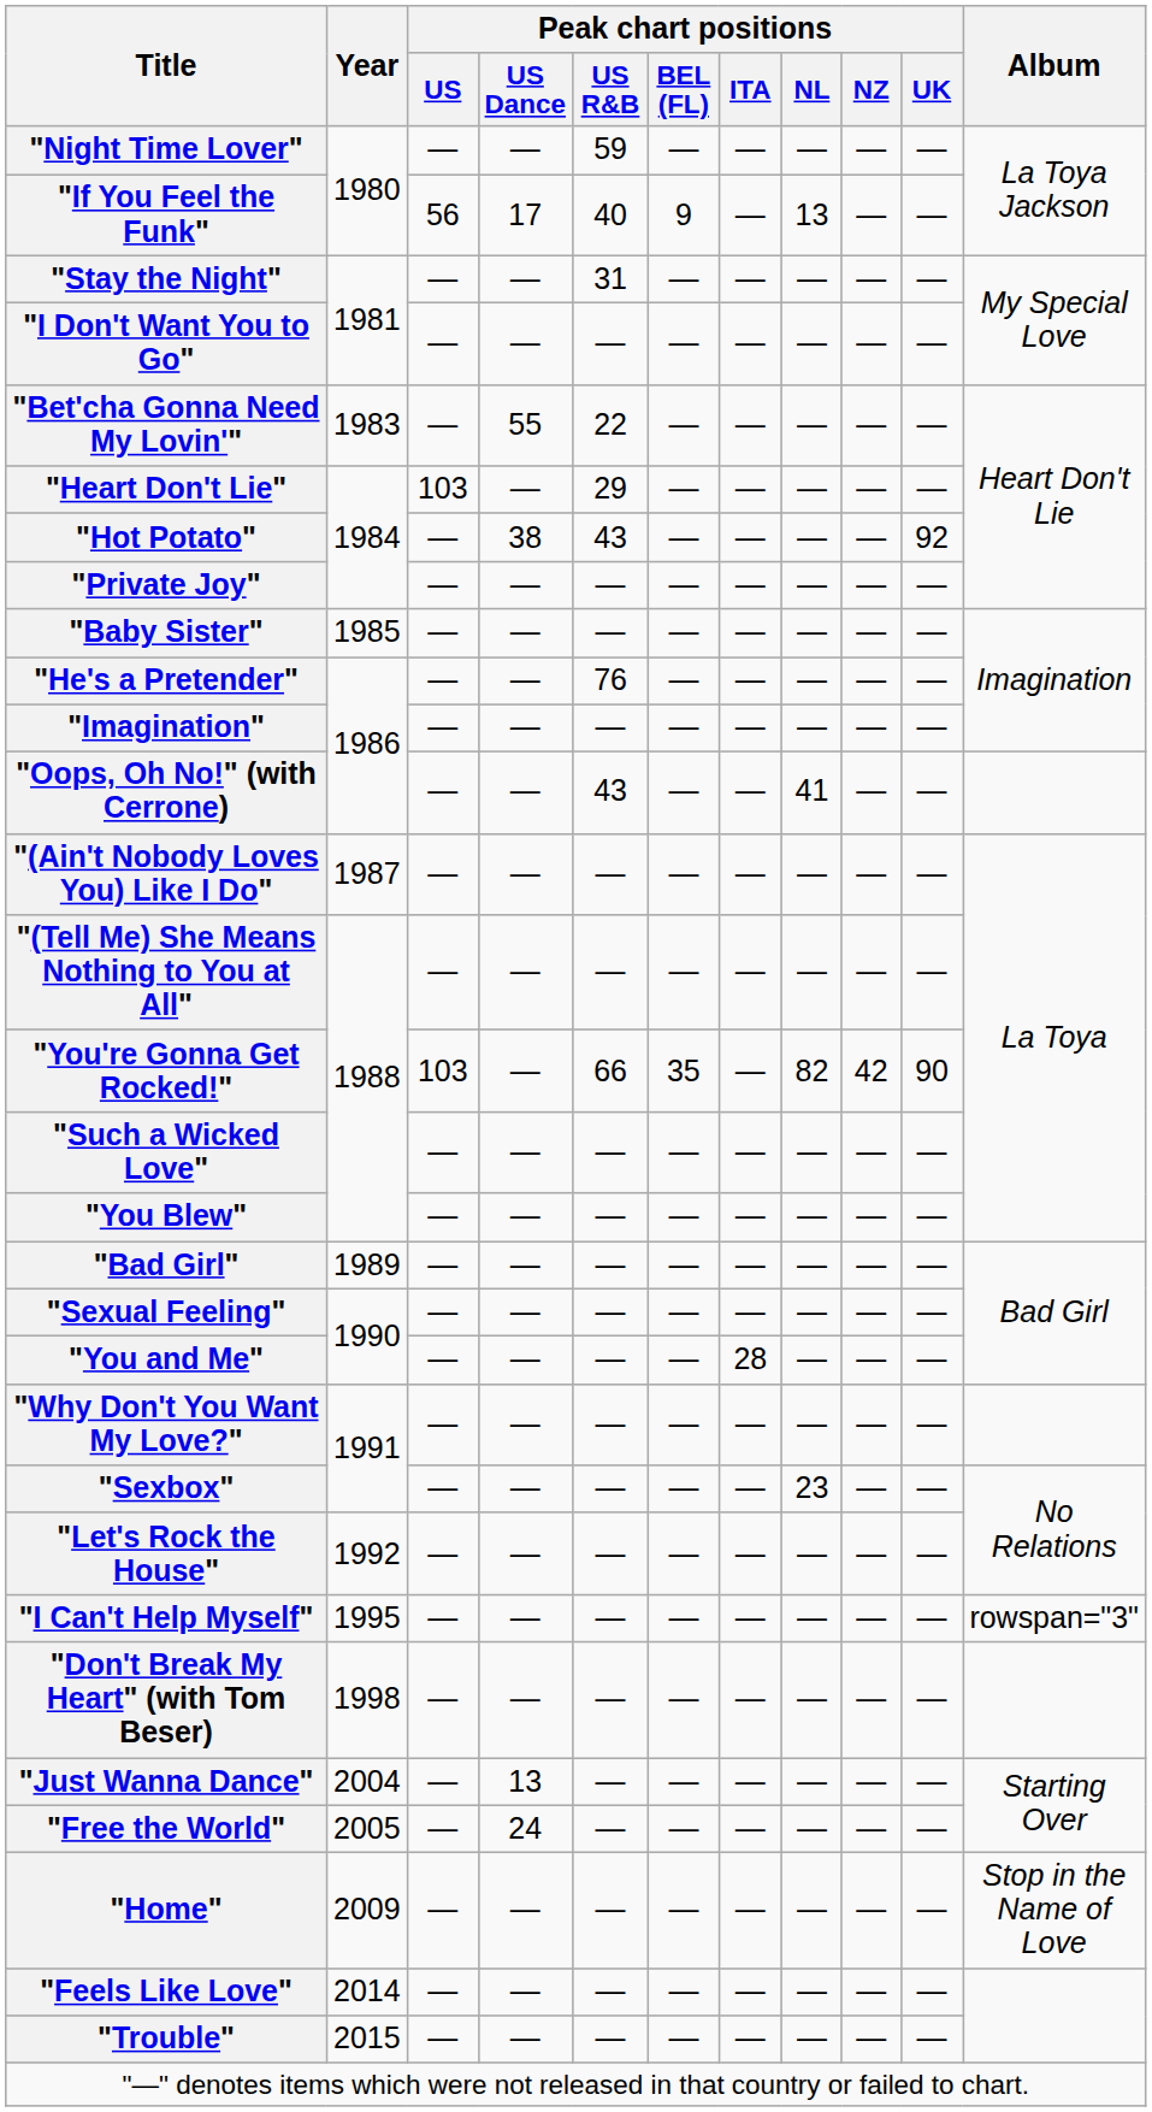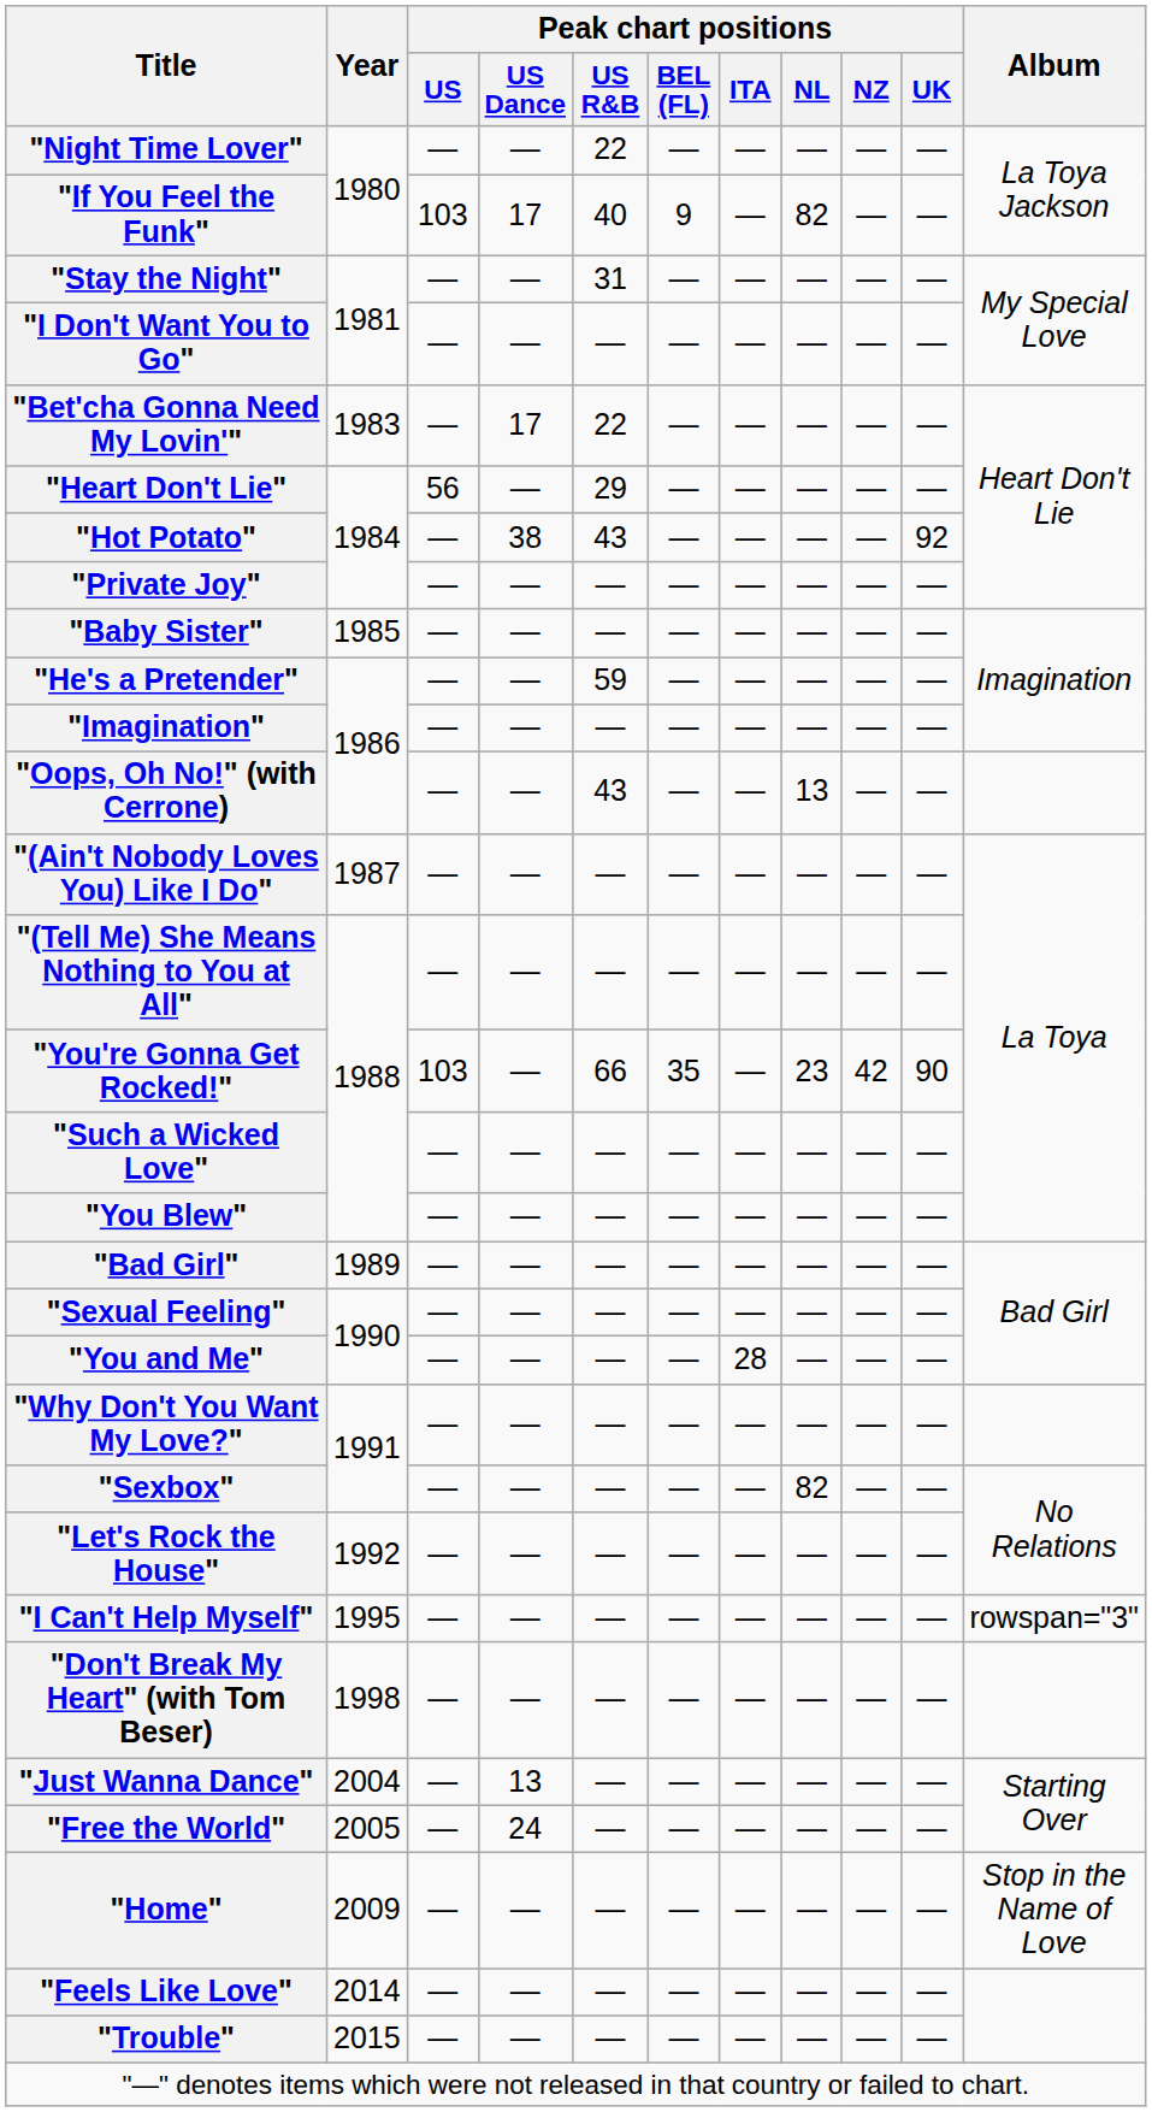 <table class="wikitable plainrowheaders" style="text-align:center;">
 <tr>
 <th scope="col" rowspan="2" style="width:22em;">Title</th>
 <th scope="col" rowspan="2">Year</th>
 <th scope="col" colspan="8">Peak chart positions</th>
 <th scope="col" rowspan="2">Album</th>
 </tr>
 <tr>
 <th scope="col" style="width:3em;font-size:90%;"><a href='#'>US</a><br></th>
 <th scope="col" style="width:3em;font-size:90%;"><a href='#'>US Dance</a><br></th>
 <th scope="col" style="width:3em;font-size:90%;"><a href='#'>US R&B</a><br></th>
 <th scope="col" style="width:2.5em;font-size:90%;"><a href='#'>BEL<br>(FL)</a><br></th>
 <th scope="col" style="width:3em;font-size:90%;"><a href='#'>ITA</a><br></th>
 <th scope="col" style="width:3em;font-size:90%;"><a href='#'>NL</a><br></th>
 <th scope="col" style="width:3em;font-size:90%;"><a href='#'>NZ</a><br></th>
 <th scope="col" style="width:3em;font-size:90%;"><a href='#'>UK</a><br></th>
 </tr>
 <tr>
 <th scope="row">"<a href='#'>Night Time Lover</a>"</th>
 <td rowspan="2">1980</td>
 <td>—</td>
 <td>—</td>
-<td>59</td>
+<td>22</td>
 <td>—</td>
 <td>—</td>
 <td>—</td>
 <td>—</td>
 <td>—</td>
 <td rowspan="2"><em>La Toya Jackson</em></td>
 </tr>
 <tr>
 <th scope="row">"<a href='#'>If You Feel the Funk</a>"</th>
-<td>56</td>
+<td>103</td>
 <td>17</td>
 <td>40</td>
 <td>9</td>
 <td>—</td>
-<td>13</td>
+<td>82</td>
 <td>—</td>
 <td>—</td>
 </tr>
 <tr>
 <th scope="row">"<a href='#'>Stay the Night</a>"</th>
 <td rowspan="2">1981</td>
 <td>—</td>
 <td>—</td>
 <td>31</td>
 <td>—</td>
 <td>—</td>
 <td>—</td>
 <td>—</td>
 <td>—</td>
 <td rowspan="2"><em>My Special Love</em></td>
 </tr>
 <tr>
 <th scope="row">"<a href='#'>I Don't Want You to Go</a>"</th>
 <td>—</td>
 <td>—</td>
 <td>—</td>
 <td>—</td>
 <td>—</td>
 <td>—</td>
 <td>—</td>
 <td>—</td>
 </tr>
 <tr>
 <th scope="row">"<a href='#'>Bet'cha Gonna Need My Lovin'</a>"</th>
 <td>1983</td>
 <td>—</td>
-<td>55</td>
+<td>17</td>
 <td>22</td>
 <td>—</td>
 <td>—</td>
 <td>—</td>
 <td>—</td>
 <td>—</td>
 <td rowspan="4"><em>Heart Don't Lie</em></td>
 </tr>
 <tr>
 <th scope="row">"<a href='#'>Heart Don't Lie</a>"</th>
 <td rowspan="3">1984</td>
-<td>103</td>
+<td>56</td>
 <td>—</td>
 <td>29</td>
 <td>—</td>
 <td>—</td>
 <td>—</td>
 <td>—</td>
 <td>—</td>
 </tr>
 <tr>
 <th scope="row">"<a href='#'>Hot Potato</a>"</th>
 <td>—</td>
 <td>38</td>
 <td>43</td>
 <td>—</td>
 <td>—</td>
 <td>—</td>
 <td>—</td>
 <td>92</td>
 </tr>
 <tr>
 <th scope="row">"<a href='#'>Private Joy</a>"</th>
 <td>—</td>
 <td>—</td>
 <td>—</td>
 <td>—</td>
 <td>—</td>
 <td>—</td>
 <td>—</td>
 <td>—</td>
 </tr>
 <tr>
 <th scope="row">"<a href='#'>Baby Sister</a>"</th>
 <td>1985</td>
 <td>—</td>
 <td>—</td>
 <td>—</td>
 <td>—</td>
 <td>—</td>
 <td>—</td>
 <td>—</td>
 <td>—</td>
 <td rowspan="3"><em>Imagination</em></td>
 </tr>
 <tr>
 <th scope="row">"<a href='#'>He's a Pretender</a>"</th>
 <td rowspan="3">1986</td>
 <td>—</td>
 <td>—</td>
-<td>76</td>
+<td>59</td>
 <td>—</td>
 <td>—</td>
 <td>—</td>
 <td>—</td>
 <td>—</td>
 </tr>
 <tr>
 <th scope="row">"<a href='#'>Imagination</a>"</th>
 <td>—</td>
 <td>—</td>
 <td>—</td>
 <td>—</td>
 <td>—</td>
 <td>—</td>
 <td>—</td>
 <td>—</td>
 </tr>
 <tr>
 <th scope="row">"<a href='#'>Oops, Oh No!</a>" <span>(with <a href='#'>Cerrone</a>)</span></th>
 <td>—</td>
 <td>—</td>
 <td>43</td>
 <td>—</td>
 <td>—</td>
-<td>41</td>
+<td>13</td>
 <td>—</td>
 <td>—</td>
 <td></td>
 </tr>
 <tr>
 <th scope="row">"<a href='#'>(Ain't Nobody Loves You) Like I Do</a>"</th>
 <td>1987</td>
 <td>—</td>
 <td>—</td>
 <td>—</td>
 <td>—</td>
 <td>—</td>
 <td>—</td>
 <td>—</td>
 <td>—</td>
 <td rowspan="5"><em>La Toya</em></td>
 </tr>
 <tr>
 <th scope="row">"<a href='#'>(Tell Me) She Means Nothing to You at All</a>"</th>
 <td rowspan="4">1988</td>
 <td>—</td>
 <td>—</td>
 <td>—</td>
 <td>—</td>
 <td>—</td>
 <td>—</td>
 <td>—</td>
 <td>—</td>
 </tr>
 <tr>
 <th scope="row">"<a href='#'>You're Gonna Get Rocked!</a>"</th>
 <td>103</td>
 <td>—</td>
 <td>66</td>
 <td>35</td>
 <td>—</td>
-<td>82</td>
+<td>23</td>
 <td>42</td>
 <td>90</td>
 </tr>
 <tr>
 <th scope="row">"<a href='#'>Such a Wicked Love</a>"</th>
 <td>—</td>
 <td>—</td>
 <td>—</td>
 <td>—</td>
 <td>—</td>
 <td>—</td>
 <td>—</td>
 <td>—</td>
 </tr>
 <tr>
 <th scope="row">"<a href='#'>You Blew</a>"</th>
 <td>—</td>
 <td>—</td>
 <td>—</td>
 <td>—</td>
 <td>—</td>
 <td>—</td>
 <td>—</td>
 <td>—</td>
 </tr>
 <tr>
 <th scope="row">"<a href='#'>Bad Girl</a>"</th>
 <td>1989</td>
 <td>—</td>
 <td>—</td>
 <td>—</td>
 <td>—</td>
 <td>—</td>
 <td>—</td>
 <td>—</td>
 <td>—</td>
 <td rowspan="3"><em>Bad Girl</em></td>
 </tr>
 <tr>
 <th scope="row">"<a href='#'>Sexual Feeling</a>"</th>
 <td rowspan="2">1990</td>
 <td>—</td>
 <td>—</td>
 <td>—</td>
 <td>—</td>
 <td>—</td>
 <td>—</td>
 <td>—</td>
 <td>—</td>
 </tr>
 <tr>
 <th scope="row">"<a href='#'>You and Me</a>"</th>
 <td>—</td>
 <td>—</td>
 <td>—</td>
 <td>—</td>
 <td>28</td>
 <td>—</td>
 <td>—</td>
 <td>—</td>
 </tr>
 <tr>
 <th scope="row">"<a href='#'>Why Don't You Want My Love?</a>"</th>
 <td rowspan="2">1991</td>
 <td>—</td>
 <td>—</td>
 <td>—</td>
 <td>—</td>
 <td>—</td>
 <td>—</td>
 <td>—</td>
 <td>—</td>
 <td></td>
 </tr>
 <tr>
 <th scope="row">"<a href='#'>Sexbox</a>"</th>
 <td>—</td>
 <td>—</td>
 <td>—</td>
 <td>—</td>
 <td>—</td>
-<td>23</td>
+<td>82</td>
 <td>—</td>
 <td>—</td>
 <td rowspan="2"><em>No Relations</em></td>
 </tr>
 <tr>
 <th scope="row">"<a href='#'>Let's Rock the House</a>"</th>
 <td>1992</td>
 <td>—</td>
 <td>—</td>
 <td>—</td>
 <td>—</td>
 <td>—</td>
 <td>—</td>
 <td>—</td>
 <td>—</td>
 </tr>
 <tr>
 <th scope="row">"<a href='#'>I Can't Help Myself</a>"</th>
 <td>1995</td>
 <td>—</td>
 <td>—</td>
 <td>—</td>
 <td>—</td>
 <td>—</td>
 <td>—</td>
 <td>—</td>
 <td>—</td>
 <td>rowspan="3" </td>
 </tr>
 <tr>
 <th scope="row">"<a href='#'>Don't Break My Heart</a>" <span>(with Tom Beser)</span></th>
 <td>1998</td>
 <td>—</td>
 <td>—</td>
 <td>—</td>
 <td>—</td>
 <td>—</td>
 <td>—</td>
 <td>—</td>
 <td>—</td>
 <td></td>
 </tr>
 <tr>
 <th scope="row">"<a href='#'>Just Wanna Dance</a>"</th>
 <td>2004</td>
 <td>—</td>
 <td>13</td>
 <td>—</td>
 <td>—</td>
 <td>—</td>
 <td>—</td>
 <td>—</td>
 <td>—</td>
 <td rowspan="2"><em>Starting Over</em></td>
 </tr>
 <tr>
 <th scope="row">"<a href='#'>Free the World</a>"</th>
 <td>2005</td>
 <td>—</td>
 <td>24</td>
 <td>—</td>
 <td>—</td>
 <td>—</td>
 <td>—</td>
 <td>—</td>
 <td>—</td>
 </tr>
 <tr>
 <th scope="row">"<a href='#'>Home</a>"</th>
 <td>2009</td>
 <td>—</td>
 <td>—</td>
 <td>—</td>
 <td>—</td>
 <td>—</td>
 <td>—</td>
 <td>—</td>
 <td>—</td>
 <td><em>Stop in the Name of Love</em></td>
 </tr>
 <tr>
 <th scope="row">"<a href='#'>Feels Like Love</a>"</th>
 <td>2014</td>
 <td>—</td>
 <td>—</td>
 <td>—</td>
 <td>—</td>
 <td>—</td>
 <td>—</td>
 <td>—</td>
 <td>—</td>
 </tr>
 <tr>
 <th scope="row">"<a href='#'>Trouble</a>"</th>
 <td>2015</td>
 <td>—</td>
 <td>—</td>
 <td>—</td>
 <td>—</td>
 <td>—</td>
 <td>—</td>
 <td>—</td>
 <td>—</td>
 </tr>
 <tr>
 <td colspan="14" style="font-size:90%">"—" denotes items which were not released in that country or failed to chart.</td>
 </tr>
 </table>
